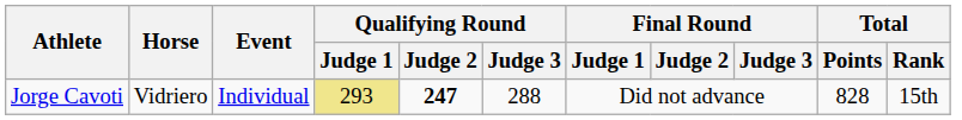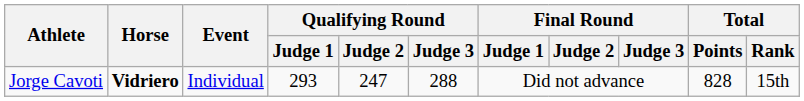 <table class=wikitable style="font-size:90%">
 <tr>
 <th rowspan="2">Athlete</th>
 <th rowspan="2">Horse</th>
 <th rowspan="2">Event</th>
 <th colspan="3">Qualifying Round</th>
 <th colspan="3">Final Round</th>
 <th colspan="2">Total</th>
 </tr>
 <tr>
 <th>Judge 1</th>
 <th>Judge 2</th>
 <th>Judge 3</th>
 <th>Judge 1</th>
 <th>Judge 2</th>
 <th>Judge 3</th>
 <th>Points</th>
 <th>Rank</th>
 </tr>
 <tr>
 <td align=center><a href='#'>Jorge Cavoti</a></td>
-<td align=center>Vidriero</td>
+<td align=center><strong>Vidriero</strong></td>
 <td align=center><a href='#'>Individual</a></td>
-<td align=center style="background: khaki;">293</td>
-<td align=center><strong>247</strong></td>
+<td align=center>293</td>
+<td align=center>247</td>
 <td align=center>288</td>
 <td colspan=3 align=center>Did not advance</td>
 <td align=center>828</td>
 <td align=center>15th</td>
 </tr>
 </table>
